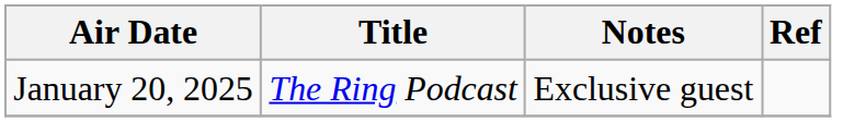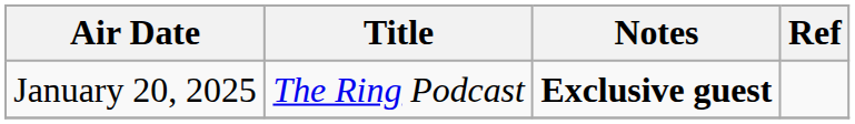 <table class="wikitable">
 <tr>
 <th>Air Date</th>
 <th>Title</th>
 <th>Notes</th>
 <th>Ref</th>
 </tr>
 <tr>
 <td>January 20, 2025</td>
 <td><em><a href='#'>The Ring</a> Podcast</em></td>
-<td>Exclusive guest</td>
+<td><strong>Exclusive guest</strong></td>
 <td></td>
 </tr>
 <tr>
 </tr>
 </table>
